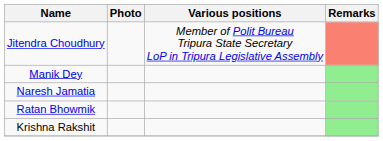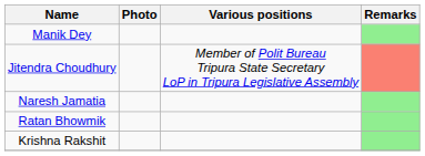 <table class="wikitable sortable" style="text-align:center">
 <tr>
 <th Style="background-color:">Name</th>
 <th Style="background-color:">Photo</th>
 <th Style="background-color:">Various positions</th>
 <th Style="background-color:">Remarks</th>
 </tr>
 <tr>
+<td><a href='#'>Manik Dey</a></td>
+<td></td>
+<td></td>
+<td bgcolor = LightGreen></td>
+</tr>
+<tr>
 <td><a href='#'>Jitendra Choudhury</a></td>
 <td></td>
 <td><em>Member of <a href='#'>Polit Bureau</a></em><br><em>Tripura State Secretary</em><br><em><a href='#'>LoP in Tripura Legislative Assembly</a></em></td>
 <td bgcolor = Salmon></td>
-</tr>
-<tr>
-<td><a href='#'>Manik Dey</a></td>
-<td></td>
-<td></td>
-<td bgcolor = LightGreen></td>
 </tr>
 <tr>
 <td><a href='#'>Naresh Jamatia</a></td>
 <td></td>
 <td></td>
 <td bgcolor = LightGreen></td>
 </tr>
 <tr>
 <td><a href='#'>Ratan Bhowmik</a></td>
 <td></td>
 <td></td>
 <td bgcolor = LightGreen></td>
 </tr>
 <tr>
 <td>Krishna Rakshit</td>
 <td></td>
 <td></td>
 <td bgcolor = LightGreen></td>
 </tr>
 <tr>
 </tr>
 </table>
